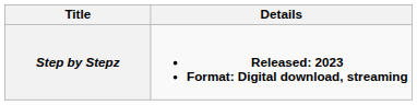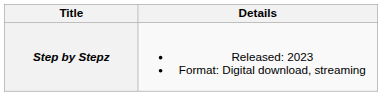 <table class="wikitable plainrowheaders" style="text-align:center;">
 <tr>
 <th scope="col" rowspan="1" style="width:11em;">Title</th>
 <th scope="col" rowspan="1" style="width:20em;">Details</th>
 </tr>
 <tr>
 <th scope="row"><em>Step by Stepz</em></th>
-<td><strong><br><ul><li>Released: 2023</li><li>Format: Digital download, streaming</li></ul></strong></td>
+<td><br><ul><li>Released: 2023</li><li>Format: Digital download, streaming</li></ul></td>
 </tr>
 </table>
